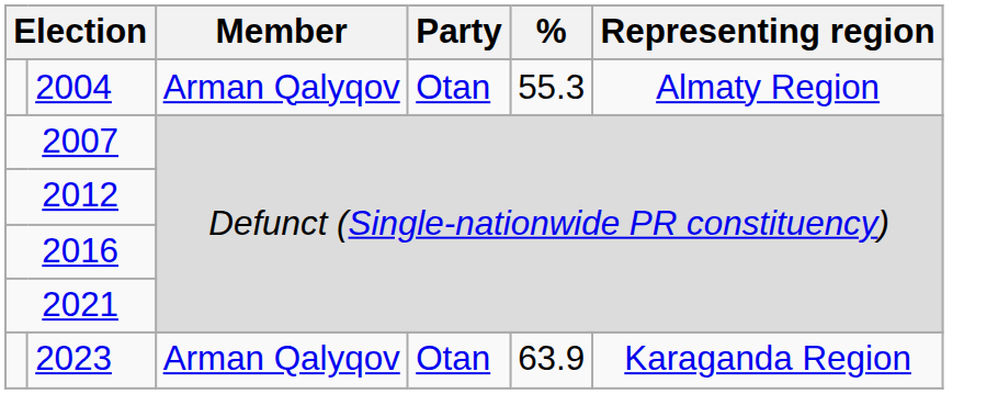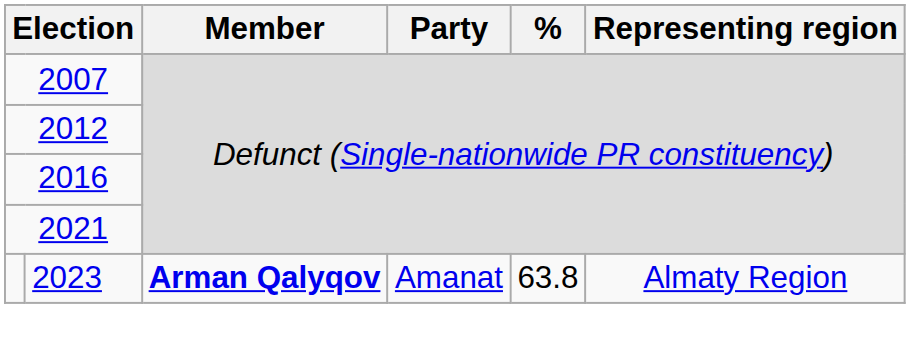 <table class="wikitable">
 <tr>
 <th colspan="2">Election</th>
 <th>Member</th>
 <th>Party</th>
 <th>%</th>
 <th>Representing region</th>
-</tr>
-<tr>
-<td style="background-color: "></td>
-<td><a href='#'>2004</a></td>
-<td><a href='#'>Arman Qalyqov</a></td>
-<td><a href='#'>Otan</a></td>
-<td align="right">55.3</td>
-<td align="center"><a href='#'>Almaty Region</a></td>
 </tr>
 <tr>
 <td colspan="2" align="center"><a href='#'>2007</a></td>
 <td colspan="4" rowspan="4" align="center" style="background-color:#DCDCDC"><em>Defunct (<a href='#'>Single-nationwide PR constituency</a>)</em></td>
 </tr>
 <tr>
 <td colspan="2" align="center"><a href='#'>2012</a></td>
 </tr>
 <tr>
 <td colspan="2" align="center"><a href='#'>2016</a></td>
 </tr>
 <tr>
 <td colspan="2" align="center"><a href='#'>2021</a></td>
 </tr>
 <tr>
 <td style="background-color: "></td>
 <td><a href='#'>2023</a></td>
-<td><a href='#'>Arman Qalyqov</a></td>
-<td><a href='#'>Otan</a></td>
-<td align="right">63.9</td>
-<td align="center"><a href='#'>Karaganda Region</a></td>
+<td><strong><a href='#'>Arman Qalyqov</a></strong></td>
+<td><a href='#'>Amanat</a></td>
+<td align="right">63.8</td>
+<td align="center"><a href='#'>Almaty Region</a></td>
 </tr>
 </table>
